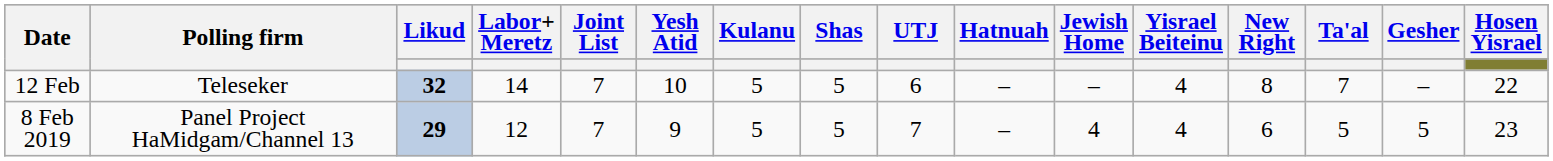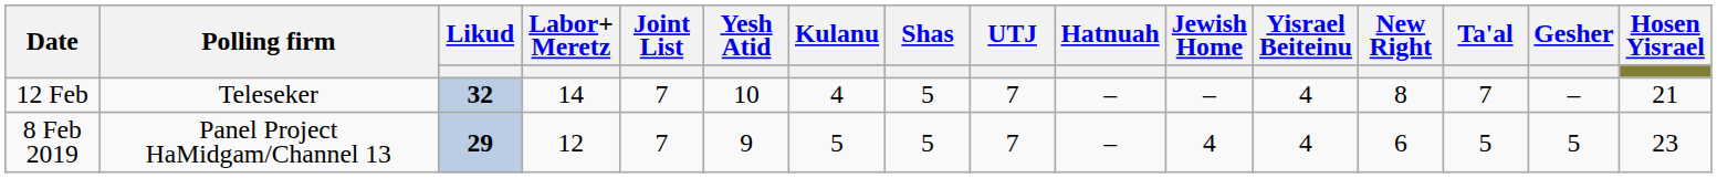 <table class="wikitable" style="text-align:center;font-size:90%;line-height:13px">
 <tr>
 <th style="width:45px;" rowspan="2">Date</th>
 <th style="width:180px;" rowspan="2">Polling firm</th>
 <th style="width:40px;"><a href='#'>Likud</a></th>
 <th style="width:40px;"><a href='#'>Labor</a>+<br><a href='#'>Meretz</a></th>
 <th style="width:40px;"><a href='#'>Joint<br>List</a></th>
 <th style="width:40px;"><a href='#'>Yesh<br>Atid</a></th>
 <th style="width:40px;"><a href='#'>Kulanu</a></th>
 <th style="width:40px;"><a href='#'>Shas</a></th>
 <th style="width:40px;"><a href='#'>UTJ</a></th>
 <th style="width:40px;"><a href='#'>Hatnuah</a></th>
 <th style="width:40px;"><a href='#'>Jewish<br>Home</a></th>
 <th style="width:40px;"><a href='#'>Yisrael<br>Beiteinu</a></th>
 <th style="width:40px;"><a href='#'>New<br>Right</a></th>
 <th style="width:40px;"><a href='#'>Ta'al</a></th>
 <th style="width:40px;"><a href='#'>Gesher</a></th>
 <th style="width:40px;"><a href='#'>Hosen<br>Yisrael</a></th>
 </tr>
 <tr>
 <th style="color:inherit;background:"></th>
 <th style="color:inherit;background:"></th>
 <th style="color:inherit;background:"></th>
 <th style="color:inherit;background:"></th>
 <th style="color:inherit;background:"></th>
 <th style="color:inherit;background:"></th>
 <th style="color:inherit;background:"></th>
 <th style="color:inherit;background:"></th>
 <th style="color:inherit;background:"></th>
 <th style="color:inherit;background:"></th>
 <th style="color:inherit;background:"></th>
 <th style="color:inherit;background:"></th>
 <th style="color:inherit;background:"></th>
 <th style="color:inherit;background:#807e33; "></th>
 </tr>
 <tr>
 <td data-sort-value="2019-02-12">12 Feb</td>
 <td style="text-align:center;">Teleseker</td>
 <td style="background:#BBCDE4"><strong>32</strong>	</td>
 <td>14					</td>
 <td>7					</td>
 <td>10					</td>
+<td>4					</td>
 <td>5					</td>
-<td>5					</td>
-<td>6					</td>
+<td>7					</td>
 <td>–					</td>
 <td>–					</td>
 <td>4					</td>
 <td>8					</td>
 <td>7					</td>
 <td>–					</td>
-<td>22					</td>
+<td>21					</td>
 </tr>
 <tr>
 <td data-sort-value="2019-02-08">8 Feb 2019</td>
 <td style="text-align:center;">Panel Project HaMidgam/Channel 13</td>
 <td style="background:#BBCDE4"><strong>29</strong>	</td>
 <td>12					</td>
 <td>7					</td>
 <td>9					</td>
 <td>5					</td>
 <td>5					</td>
 <td>7					</td>
 <td>–					</td>
 <td>4					</td>
 <td>4					</td>
 <td>6					</td>
 <td>5					</td>
 <td>5					</td>
 <td>23					</td>
 </tr>
 </table>
